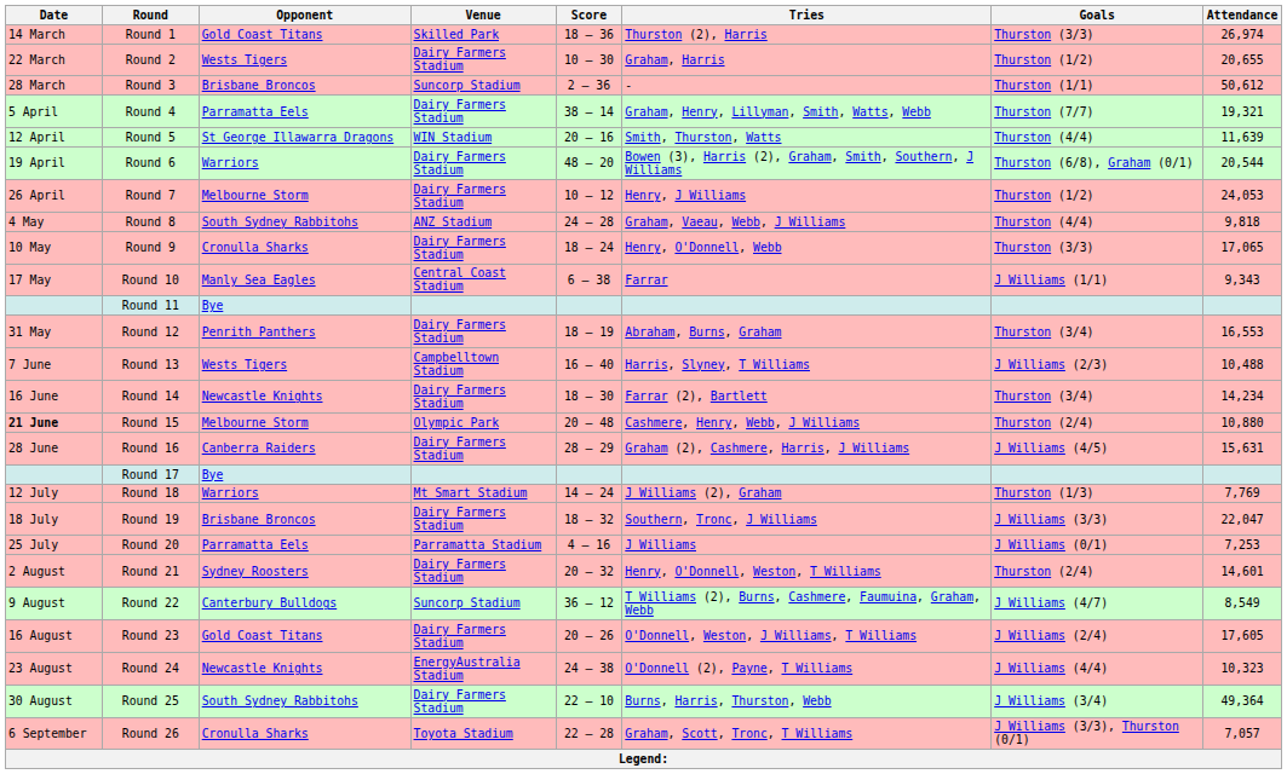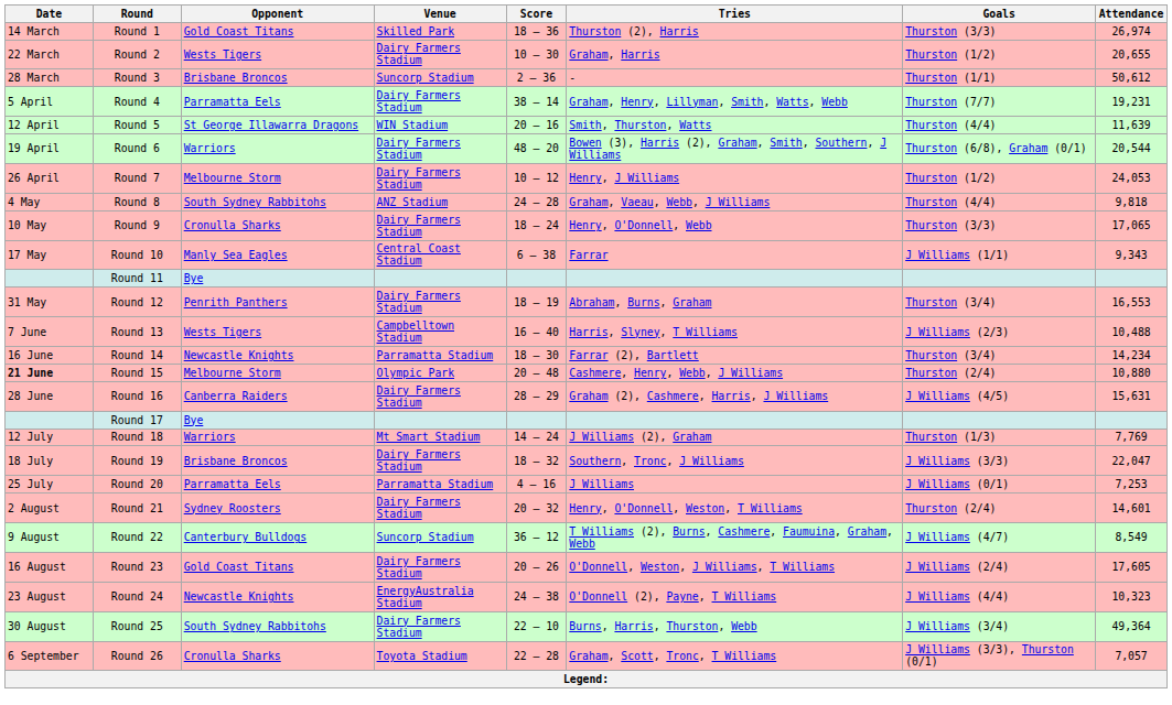 <table class="wikitable" style="font-size:75%;">
 <tr>
 <th style="width:75px;">Date</th>
 <th style="width:75px;">Round</th>
 <th style="width:170px;">Opponent</th>
 <th style="width:115px;">Venue</th>
 <th style="width:50px;">Score</th>
 <th style="width:300px;">Tries</th>
 <th style="width:170px;">Goals</th>
 <th style="width:60px;">Attendance</th>
 </tr>
 <tr style="background:#FFBBBB">
 <td>14 March</td>
 <td style="text-align:center;">Round 1</td>
 <td> <a href='#'>Gold Coast Titans</a></td>
 <td><a href='#'>Skilled Park</a></td>
 <td style="text-align:center;">18 – 36</td>
 <td><a href='#'>Thurston</a> (2), <a href='#'>Harris</a></td>
 <td><a href='#'>Thurston</a> (3/3)</td>
 <td style="text-align:center;">26,974</td>
 </tr>
 <tr style="background:#FFBBBB">
 <td>22 March</td>
 <td style="text-align:center;">Round 2</td>
 <td> <a href='#'>Wests Tigers</a></td>
 <td><a href='#'>Dairy Farmers Stadium</a></td>
 <td style="text-align:center;">10 – 30</td>
 <td><a href='#'>Graham</a>, <a href='#'>Harris</a></td>
 <td><a href='#'>Thurston</a> (1/2)</td>
 <td style="text-align:center;">20,655</td>
 </tr>
 <tr style="background:#FFBBBB">
 <td>28 March</td>
 <td style="text-align:center;">Round 3</td>
 <td> <a href='#'>Brisbane Broncos</a></td>
 <td><a href='#'>Suncorp Stadium</a></td>
 <td style="text-align:center;">2 – 36</td>
 <td>-</td>
 <td><a href='#'>Thurston</a> (1/1)</td>
 <td style="text-align:center;">50,612</td>
 </tr>
 <tr style="background:#CCFFCC">
 <td>5 April</td>
 <td style="text-align:center;">Round 4</td>
 <td> <a href='#'>Parramatta Eels</a></td>
 <td><a href='#'>Dairy Farmers Stadium</a></td>
 <td style="text-align:center;">38 – 14</td>
 <td><a href='#'>Graham</a>, <a href='#'>Henry</a>, <a href='#'>Lillyman</a>, <a href='#'>Smith</a>, <a href='#'>Watts</a>, <a href='#'>Webb</a></td>
 <td><a href='#'>Thurston</a> (7/7)</td>
-<td style="text-align:center;">19,321</td>
+<td style="text-align:center;">19,231</td>
 </tr>
 <tr style="background:#CCFFCC">
 <td>12 April</td>
 <td style="text-align:center;">Round 5</td>
 <td> <a href='#'>St George Illawarra Dragons</a></td>
 <td><a href='#'>WIN Stadium</a></td>
 <td style="text-align:center;">20 – 16</td>
 <td><a href='#'>Smith</a>, <a href='#'>Thurston</a>, <a href='#'>Watts</a></td>
 <td><a href='#'>Thurston</a> (4/4)</td>
 <td style="text-align:center;">11,639</td>
 </tr>
 <tr style="background:#CCFFCC">
 <td>19 April</td>
 <td style="text-align:center;">Round 6</td>
 <td> <a href='#'>Warriors</a></td>
 <td><a href='#'>Dairy Farmers Stadium</a></td>
 <td style="text-align:center;">48 – 20</td>
 <td><a href='#'>Bowen</a> (3), <a href='#'>Harris</a> (2), <a href='#'>Graham</a>, <a href='#'>Smith</a>, <a href='#'>Southern</a>, <a href='#'>J Williams</a></td>
 <td><a href='#'>Thurston</a> (6/8), <a href='#'>Graham</a> (0/1)</td>
 <td style="text-align:center;">20,544</td>
 </tr>
 <tr style="background:#FFBBBB">
 <td>26 April</td>
 <td style="text-align:center;">Round 7</td>
 <td> <a href='#'>Melbourne Storm</a></td>
 <td><a href='#'>Dairy Farmers Stadium</a></td>
 <td style="text-align:center;">10 – 12</td>
 <td><a href='#'>Henry</a>, <a href='#'>J Williams</a></td>
 <td><a href='#'>Thurston</a> (1/2)</td>
 <td style="text-align:center;">24,053</td>
 </tr>
 <tr style="background:#FFBBBB">
 <td>4 May</td>
 <td style="text-align:center;">Round 8</td>
 <td> <a href='#'>South Sydney Rabbitohs</a></td>
 <td><a href='#'>ANZ Stadium</a></td>
 <td style="text-align:center;">24 – 28</td>
 <td><a href='#'>Graham</a>, <a href='#'>Vaeau</a>, <a href='#'>Webb</a>, <a href='#'>J Williams</a></td>
 <td><a href='#'>Thurston</a> (4/4)</td>
 <td style="text-align:center;">9,818</td>
 </tr>
 <tr style="background:#FFBBBB">
 <td>10 May</td>
 <td style="text-align:center;">Round 9</td>
 <td> <a href='#'>Cronulla Sharks</a></td>
 <td><a href='#'>Dairy Farmers Stadium</a></td>
 <td style="text-align:center;">18 – 24</td>
 <td><a href='#'>Henry</a>, <a href='#'>O'Donnell</a>, <a href='#'>Webb</a></td>
 <td><a href='#'>Thurston</a> (3/3)</td>
 <td style="text-align:center;">17,065</td>
 </tr>
 <tr style="background:#FFBBBB">
 <td>17 May</td>
 <td style="text-align:center;">Round 10</td>
 <td> <a href='#'>Manly Sea Eagles</a></td>
 <td><a href='#'>Central Coast Stadium</a></td>
 <td style="text-align:center;">6 – 38</td>
 <td><a href='#'>Farrar</a></td>
 <td><a href='#'>J Williams</a> (1/1)</td>
 <td style="text-align:center;">9,343</td>
 </tr>
 <tr style="background:#cfecec;">
 <td></td>
 <td style="text-align:center;">Round 11</td>
 <td><a href='#'>Bye</a></td>
 <td></td>
 <td></td>
 <td></td>
 <td></td>
 <td></td>
 </tr>
 <tr style="background:#FFBBBB">
 <td>31 May</td>
 <td style="text-align:center;">Round 12</td>
 <td> <a href='#'>Penrith Panthers</a></td>
 <td><a href='#'>Dairy Farmers Stadium</a></td>
 <td style="text-align:center;">18 – 19</td>
 <td><a href='#'>Abraham</a>, <a href='#'>Burns</a>, <a href='#'>Graham</a></td>
 <td><a href='#'>Thurston</a> (3/4)</td>
 <td style="text-align:center;">16,553</td>
 </tr>
 <tr style="background:#FFBBBB">
 <td>7 June</td>
 <td style="text-align:center;">Round 13</td>
 <td> <a href='#'>Wests Tigers</a></td>
 <td><a href='#'>Campbelltown Stadium</a></td>
 <td style="text-align:center;">16 – 40</td>
 <td><a href='#'>Harris</a>, <a href='#'>Slyney</a>, <a href='#'>T Williams</a></td>
 <td><a href='#'>J Williams</a> (2/3)</td>
 <td style="text-align:center;">10,488</td>
 </tr>
 <tr style="background:#FFBBBB">
 <td>16 June</td>
 <td style="text-align:center;">Round 14</td>
 <td> <a href='#'>Newcastle Knights</a></td>
-<td><a href='#'>Dairy Farmers Stadium</a></td>
+<td><a href='#'>Parramatta Stadium</a></td>
 <td style="text-align:center;">18 – 30</td>
 <td><a href='#'>Farrar</a> (2), <a href='#'>Bartlett</a></td>
 <td><a href='#'>Thurston</a> (3/4)</td>
 <td style="text-align:center;">14,234</td>
 </tr>
 <tr style="background:#FFBBBB">
 <td><strong>21 June</strong></td>
 <td style="text-align:center;">Round 15</td>
 <td> <a href='#'>Melbourne Storm</a></td>
 <td><a href='#'>Olympic Park</a></td>
 <td style="text-align:center;">20 – 48</td>
 <td><a href='#'>Cashmere</a>, <a href='#'>Henry</a>, <a href='#'>Webb</a>, <a href='#'>J Williams</a></td>
 <td><a href='#'>Thurston</a> (2/4)</td>
 <td style="text-align:center;">10,880</td>
 </tr>
 <tr style="background:#FFBBBB">
 <td>28 June</td>
 <td style="text-align:center;">Round 16</td>
 <td> <a href='#'>Canberra Raiders</a></td>
 <td><a href='#'>Dairy Farmers Stadium</a></td>
 <td style="text-align:center;">28 – 29</td>
 <td><a href='#'>Graham</a> (2), <a href='#'>Cashmere</a>, <a href='#'>Harris</a>, <a href='#'>J Williams</a></td>
 <td><a href='#'>J Williams</a> (4/5)</td>
 <td style="text-align:center;">15,631</td>
 </tr>
 <tr style="background:#cfecec;">
 <td></td>
 <td style="text-align:center;">Round 17</td>
 <td><a href='#'>Bye</a></td>
 <td></td>
 <td></td>
 <td></td>
 <td></td>
 <td></td>
 </tr>
 <tr style="background:#FFBBBB">
 <td>12 July</td>
 <td style="text-align:center;">Round 18</td>
 <td> <a href='#'>Warriors</a></td>
 <td><a href='#'>Mt Smart Stadium</a></td>
 <td style="text-align:center;">14 – 24</td>
 <td><a href='#'>J Williams</a> (2), <a href='#'>Graham</a></td>
 <td><a href='#'>Thurston</a> (1/3)</td>
 <td style="text-align:center;">7,769</td>
 </tr>
 <tr style="background:#FFBBBB">
 <td>18 July</td>
 <td style="text-align:center;">Round 19</td>
 <td> <a href='#'>Brisbane Broncos</a></td>
 <td><a href='#'>Dairy Farmers Stadium</a></td>
 <td style="text-align:center;">18 – 32</td>
 <td><a href='#'>Southern</a>, <a href='#'>Tronc</a>, <a href='#'>J Williams</a></td>
 <td><a href='#'>J Williams</a> (3/3)</td>
 <td style="text-align:center;">22,047</td>
 </tr>
 <tr style="background:#FFBBBB">
 <td>25 July</td>
 <td style="text-align:center;">Round 20</td>
 <td> <a href='#'>Parramatta Eels</a></td>
 <td><a href='#'>Parramatta Stadium</a></td>
 <td style="text-align:center;">4 – 16</td>
 <td><a href='#'>J Williams</a></td>
 <td><a href='#'>J Williams</a> (0/1)</td>
 <td style="text-align:center;">7,253</td>
 </tr>
 <tr style="background:#FFBBBB">
 <td>2 August</td>
 <td style="text-align:center;">Round 21</td>
 <td> <a href='#'>Sydney Roosters</a></td>
 <td><a href='#'>Dairy Farmers Stadium</a></td>
 <td style="text-align:center;">20 – 32</td>
 <td><a href='#'>Henry</a>, <a href='#'>O'Donnell</a>, <a href='#'>Weston</a>, <a href='#'>T Williams</a></td>
 <td><a href='#'>Thurston</a> (2/4)</td>
 <td style="text-align:center;">14,601</td>
 </tr>
 <tr style="background:#CCFFCC">
 <td>9 August</td>
 <td style="text-align:center;">Round 22</td>
 <td> <a href='#'>Canterbury Bulldogs</a></td>
 <td><a href='#'>Suncorp Stadium</a></td>
 <td style="text-align:center;">36 – 12</td>
 <td><a href='#'>T Williams</a> (2), <a href='#'>Burns</a>, <a href='#'>Cashmere</a>, <a href='#'>Faumuina</a>, <a href='#'>Graham</a>, <a href='#'>Webb</a></td>
 <td><a href='#'>J Williams</a> (4/7)</td>
 <td style="text-align:center;">8,549</td>
 </tr>
 <tr style="background:#FFBBBB">
 <td>16 August</td>
 <td style="text-align:center;">Round 23</td>
 <td> <a href='#'>Gold Coast Titans</a></td>
 <td><a href='#'>Dairy Farmers Stadium</a></td>
 <td style="text-align:center;">20 – 26</td>
 <td><a href='#'>O'Donnell</a>, <a href='#'>Weston</a>, <a href='#'>J Williams</a>, <a href='#'>T Williams</a></td>
 <td><a href='#'>J Williams</a> (2/4)</td>
 <td style="text-align:center;">17,605</td>
 </tr>
 <tr style="background:#FFBBBB">
 <td>23 August</td>
 <td style="text-align:center;">Round 24</td>
 <td> <a href='#'>Newcastle Knights</a></td>
 <td><a href='#'>EnergyAustralia Stadium</a></td>
 <td style="text-align:center;">24 – 38</td>
 <td><a href='#'>O'Donnell</a> (2), <a href='#'>Payne</a>, <a href='#'>T Williams</a></td>
 <td><a href='#'>J Williams</a> (4/4)</td>
 <td style="text-align:center;">10,323</td>
 </tr>
 <tr style="background:#CCFFCC">
 <td>30 August</td>
 <td style="text-align:center;">Round 25</td>
 <td> <a href='#'>South Sydney Rabbitohs</a></td>
 <td><a href='#'>Dairy Farmers Stadium</a></td>
 <td style="text-align:center;">22 – 10</td>
 <td><a href='#'>Burns</a>, <a href='#'>Harris</a>, <a href='#'>Thurston</a>, <a href='#'>Webb</a></td>
 <td><a href='#'>J Williams</a> (3/4)</td>
 <td style="text-align:center;">49,364</td>
 </tr>
 <tr style="background:#FFBBBB">
 <td>6 September</td>
 <td style="text-align:center;">Round 26</td>
 <td> <a href='#'>Cronulla Sharks</a></td>
 <td><a href='#'>Toyota Stadium</a></td>
 <td style="text-align:center;">22 – 28</td>
 <td><a href='#'>Graham</a>, <a href='#'>Scott</a>, <a href='#'>Tronc</a>, <a href='#'>T Williams</a></td>
 <td><a href='#'>J Williams</a> (3/3), <a href='#'>Thurston</a> (0/1)</td>
 <td style="text-align:center;">7,057</td>
 </tr>
 <tr>
 <th colspan="11"><strong>Legend</strong>:    </th>
 </tr>
 </table>
